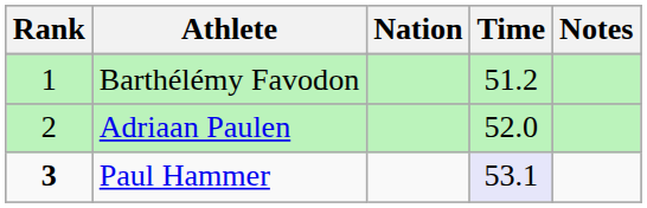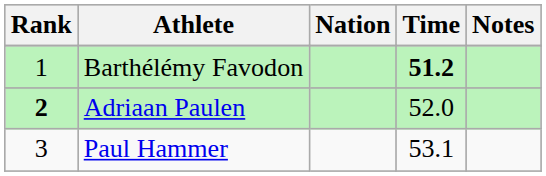 <table class="wikitable sortable" style="text-align:center">
 <tr>
 <th>Rank</th>
 <th>Athlete</th>
 <th>Nation</th>
 <th>Time</th>
 <th>Notes</th>
 </tr>
 <tr>
 </tr>
 <tr bgcolor=bbf3bb>
 <td>1</td>
 <td align=left>Barthélémy Favodon</td>
 <td align=left></td>
-<td>51.2</td>
+<td><strong>51.2</strong></td>
 <td></td>
 </tr>
 <tr bgcolor=bbf3bb>
-<td>2</td>
+<td><strong>2</strong></td>
 <td align=left><a href='#'>Adriaan Paulen</a></td>
 <td align=left></td>
 <td>52.0</td>
 <td></td>
 </tr>
 <tr>
-<td><strong>3</strong></td>
+<td>3</td>
 <td align=left><a href='#'>Paul Hammer</a></td>
 <td align=left></td>
-<td style="background: lavender;">53.1</td>
+<td>53.1</td>
 <td></td>
 </tr>
 </table>
